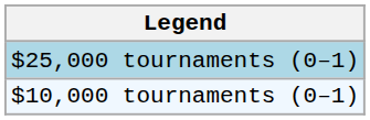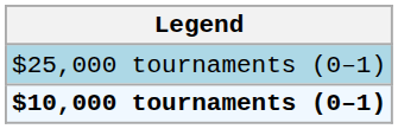 <table class="wikitable" style="font-size:85%;">
 <tr>
 <th>Legend</th>
 </tr>
 <tr style="background:lightblue;">
 <td>$25,000 tournaments (0–1)</td>
 </tr>
 <tr style="background:#f0f8ff;">
-<td>$10,000 tournaments (0–1)</td>
+<td><strong>$10,000 tournaments (0–1)</strong></td>
 </tr>
 </table>
